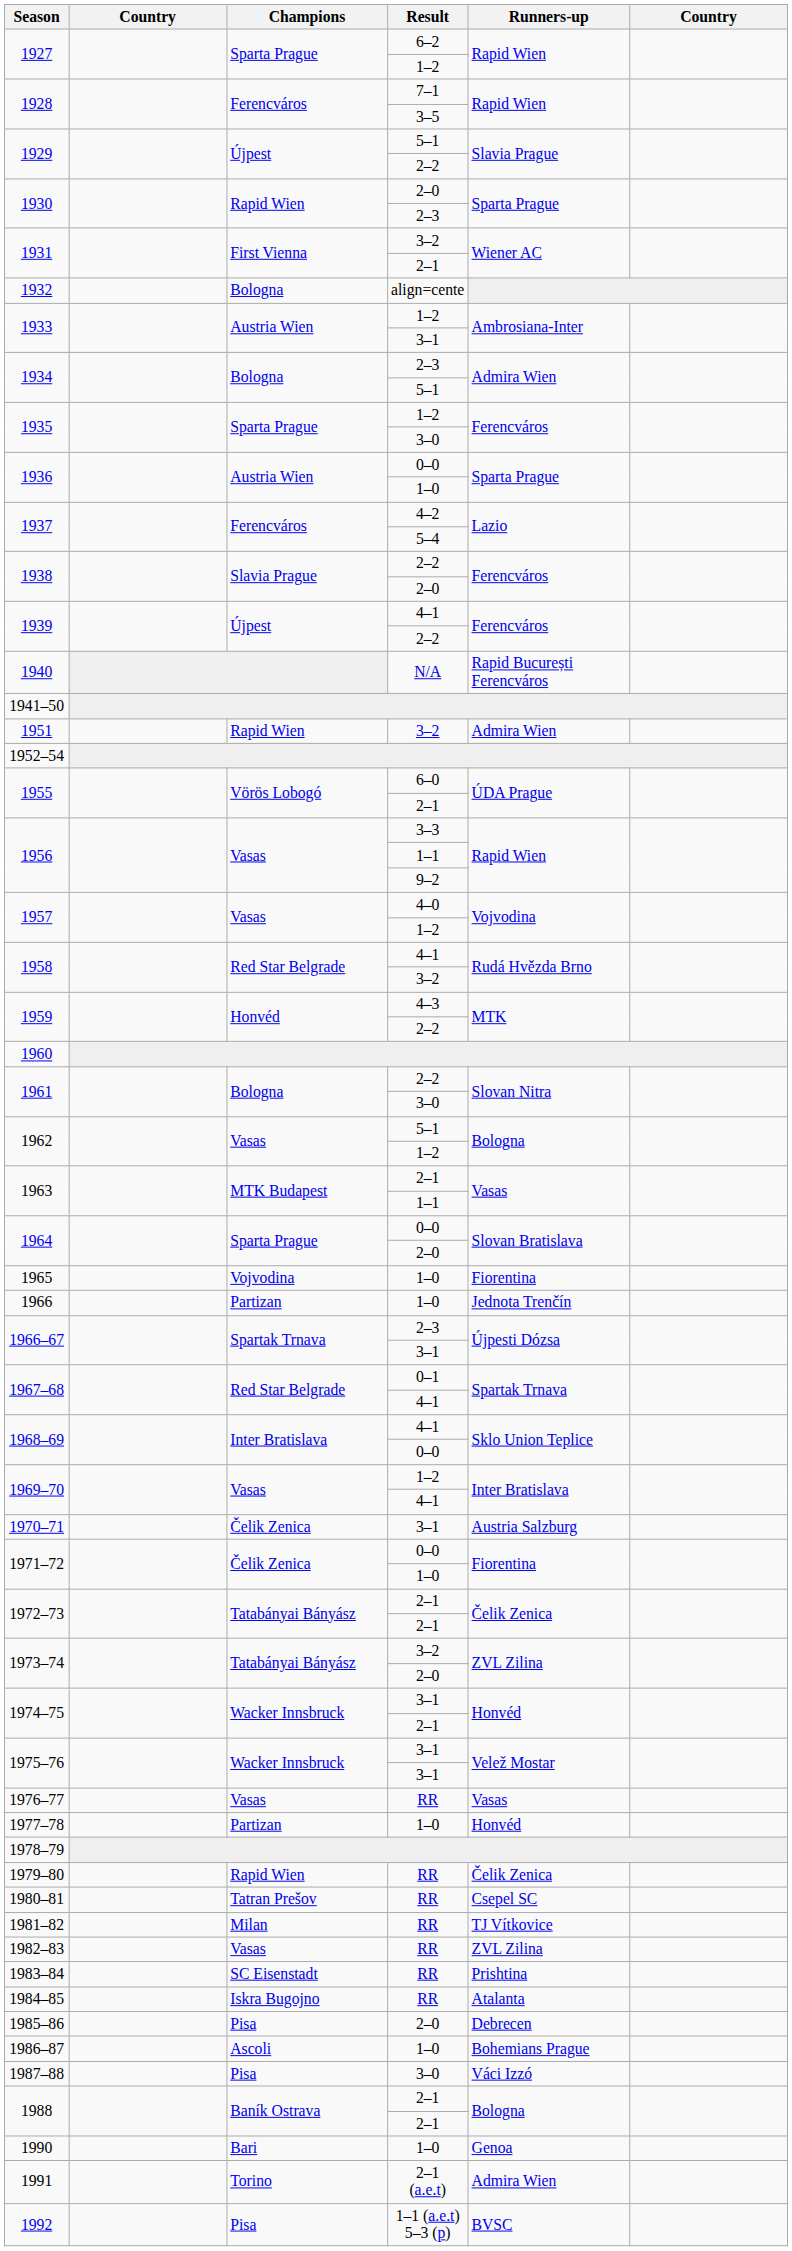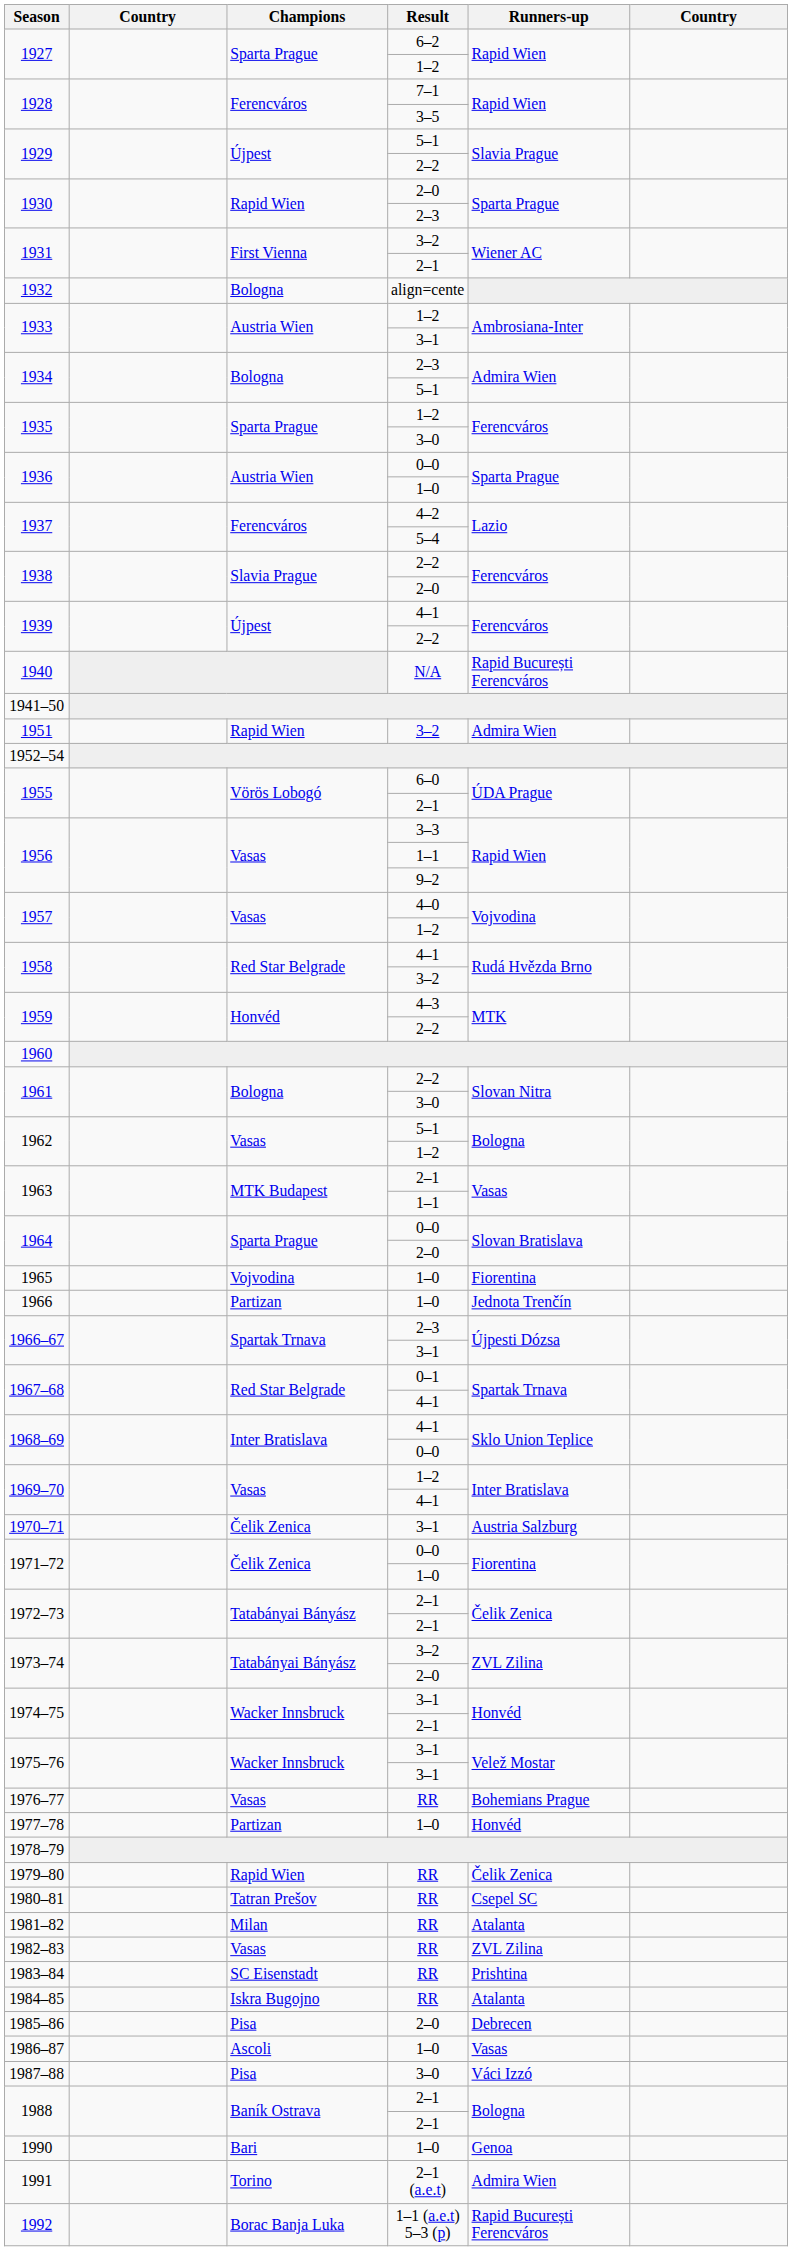 <table class="wikitable sortable" style="text-align:left" width="800px">
 <tr>
 <th width=60px>Season</th>
 <th width=170px>Country</th>
 <th width=170px>Champions</th>
 <th width=60px>Result</th>
 <th width=170px>Runners-up</th>
 <th width=170px>Country</th>
 </tr>
 <tr>
 <td rowspan=2 style="text-align:center"><a href='#'>1927</a></td>
 <td rowspan=2></td>
 <td rowspan=2><a href='#'>Sparta Prague</a></td>
 <td align=center>6–2</td>
 <td rowspan=2><a href='#'>Rapid Wien</a></td>
 <td rowspan=2></td>
 </tr>
 <tr>
 <td align=center>1–2</td>
 </tr>
 <tr>
 <td rowspan=2 style="text-align:center"><a href='#'>1928</a></td>
 <td rowspan=2></td>
 <td rowspan=2><a href='#'>Ferencváros</a></td>
 <td align=center>7–1</td>
 <td rowspan=2><a href='#'>Rapid Wien</a></td>
 <td rowspan=2></td>
 </tr>
 <tr>
 <td align=center>3–5</td>
 </tr>
 <tr>
 <td rowspan=2 style="text-align:center"><a href='#'>1929</a></td>
 <td rowspan=2></td>
 <td rowspan=2><a href='#'>Újpest</a></td>
 <td align=center>5–1</td>
 <td rowspan=2><a href='#'>Slavia Prague</a></td>
 <td rowspan=2></td>
 </tr>
 <tr>
 <td align=center>2–2</td>
 </tr>
 <tr>
 <td rowspan=2 style="text-align:center"><a href='#'>1930</a></td>
 <td rowspan=2></td>
 <td rowspan=2><a href='#'>Rapid Wien</a></td>
 <td align=center>2–0</td>
 <td rowspan=2><a href='#'>Sparta Prague</a></td>
 <td rowspan=2></td>
 </tr>
 <tr>
 <td align=center>2–3</td>
 </tr>
 <tr>
 <td rowspan=2 style="text-align:center"><a href='#'>1931</a></td>
 <td rowspan=2></td>
 <td rowspan=2><a href='#'>First Vienna</a></td>
 <td align=center>3–2</td>
 <td rowspan=2><a href='#'>Wiener AC</a></td>
 <td rowspan=2></td>
 </tr>
 <tr>
 <td align=center>2–1</td>
 </tr>
 <tr>
 <td style="text-align:center"><a href='#'>1932</a></td>
 <td></td>
 <td><a href='#'>Bologna</a></td>
 <td>align=cente </td>
 <td colspan=2 style=background:#efefef></td>
 </tr>
 <tr>
 <td rowspan=2 style="text-align:center"><a href='#'>1933</a></td>
 <td rowspan=2></td>
 <td rowspan=2><a href='#'>Austria Wien</a></td>
 <td align=center>1–2</td>
 <td rowspan=2><a href='#'>Ambrosiana-Inter</a></td>
 <td rowspan=2></td>
 </tr>
 <tr>
 <td align=center>3–1</td>
 </tr>
 <tr>
 <td rowspan=2 style="text-align:center"><a href='#'>1934</a></td>
 <td rowspan=2></td>
 <td rowspan=2><a href='#'>Bologna</a></td>
 <td align=center>2–3</td>
 <td rowspan=2><a href='#'>Admira Wien</a></td>
 <td rowspan=2></td>
 </tr>
 <tr>
 <td align=center>5–1</td>
 </tr>
 <tr>
 <td rowspan=2 style="text-align:center"><a href='#'>1935</a></td>
 <td rowspan=2></td>
 <td rowspan=2><a href='#'>Sparta Prague</a></td>
 <td align=center>1–2</td>
 <td rowspan=2><a href='#'>Ferencváros</a></td>
 <td rowspan=2></td>
 </tr>
 <tr>
 <td align=center>3–0</td>
 </tr>
 <tr>
 <td rowspan=2 style="text-align:center"><a href='#'>1936</a></td>
 <td rowspan=2></td>
 <td rowspan=2><a href='#'>Austria Wien</a></td>
 <td align=center>0–0</td>
 <td rowspan=2><a href='#'>Sparta Prague</a></td>
 <td rowspan=2></td>
 </tr>
 <tr>
 <td align=center>1–0</td>
 </tr>
 <tr>
 <td rowspan=2 style="text-align:center"><a href='#'>1937</a></td>
 <td rowspan=2></td>
 <td rowspan=2><a href='#'>Ferencváros</a></td>
 <td align=center>4–2</td>
 <td rowspan=2><a href='#'>Lazio</a></td>
 <td rowspan=2></td>
 </tr>
 <tr>
 <td align=center>5–4</td>
 </tr>
 <tr>
 <td rowspan=2 style="text-align:center"><a href='#'>1938</a></td>
 <td rowspan=2></td>
 <td rowspan=2><a href='#'>Slavia Prague</a></td>
 <td align=center>2–2</td>
 <td rowspan=2><a href='#'>Ferencváros</a></td>
 <td rowspan=2></td>
 </tr>
 <tr>
 <td align=center>2–0</td>
 </tr>
 <tr>
 <td rowspan=2 style="text-align:center"><a href='#'>1939</a></td>
 <td rowspan=2></td>
 <td rowspan=2><a href='#'>Újpest</a></td>
 <td align=center>4–1</td>
 <td rowspan=2><a href='#'>Ferencváros</a></td>
 <td rowspan=2></td>
 </tr>
 <tr>
 <td align=center>2–2</td>
 </tr>
 <tr>
 <td style="text-align:center"><a href='#'>1940</a></td>
 <td colspan=2 style=background:#efefef></td>
 <td align=center><a href='#'>N/A</a></td>
 <td><a href='#'>Rapid București</a><br><a href='#'>Ferencváros</a></td>
 <td><br></td>
 </tr>
 <tr>
 <td style="text-align:center">1941–50</td>
 <td colspan=5 style=background:#efefef></td>
 </tr>
 <tr>
 <td style="text-align:center"><a href='#'>1951</a></td>
 <td></td>
 <td><a href='#'>Rapid Wien</a></td>
 <td align=center><a href='#'>3–2</a></td>
 <td><a href='#'>Admira Wien</a></td>
 <td></td>
 </tr>
 <tr>
 <td style="text-align:center">1952–54</td>
 <td colspan=5 style=background:#efefef></td>
 </tr>
 <tr>
 <td rowspan=2 style="text-align:center"><a href='#'>1955</a></td>
 <td rowspan=2></td>
 <td rowspan=2><a href='#'>Vörös Lobogó</a></td>
 <td align=center>6–0</td>
 <td rowspan=2><a href='#'>ÚDA Prague</a></td>
 <td rowspan=2></td>
 </tr>
 <tr>
 <td align=center>2–1</td>
 </tr>
 <tr>
 <td rowspan=3 style="text-align:center"><a href='#'>1956</a></td>
 <td rowspan=3></td>
 <td rowspan=3><a href='#'>Vasas</a></td>
 <td align=center>3–3</td>
 <td rowspan=3><a href='#'>Rapid Wien</a></td>
 <td rowspan=3></td>
 </tr>
 <tr>
 <td align=center>1–1</td>
 </tr>
 <tr>
 <td align=center>9–2</td>
 </tr>
 <tr>
 <td rowspan=2 style="text-align:center"><a href='#'>1957</a></td>
 <td rowspan=2></td>
 <td rowspan=2><a href='#'>Vasas</a></td>
 <td align=center>4–0</td>
 <td rowspan=2><a href='#'>Vojvodina</a></td>
 <td rowspan=2></td>
 </tr>
 <tr>
 <td align=center>1–2</td>
 </tr>
 <tr>
 <td rowspan=2 style="text-align:center"><a href='#'>1958</a></td>
 <td rowspan=2></td>
 <td rowspan=2><a href='#'>Red Star Belgrade</a></td>
 <td align=center>4–1</td>
 <td rowspan=2><a href='#'>Rudá Hvězda Brno</a></td>
 <td rowspan=2></td>
 </tr>
 <tr>
 <td align=center>3–2</td>
 </tr>
 <tr>
 <td rowspan=2 style="text-align:center"><a href='#'>1959</a></td>
 <td rowspan=2></td>
 <td rowspan=2><a href='#'>Honvéd</a></td>
 <td align=center>4–3</td>
 <td rowspan=2><a href='#'>MTK</a></td>
 <td rowspan=2></td>
 </tr>
 <tr>
 <td align=center>2–2</td>
 </tr>
 <tr>
 <td style="text-align:center"><a href='#'>1960</a></td>
 <td colspan=5 style=background:#efefef></td>
 </tr>
 <tr>
 <td rowspan=2 style="text-align:center"><a href='#'>1961</a></td>
 <td rowspan=2></td>
 <td rowspan=2><a href='#'>Bologna</a></td>
 <td align=center>2–2</td>
 <td rowspan=2><a href='#'>Slovan Nitra</a></td>
 <td rowspan=2></td>
 </tr>
 <tr>
 <td align=center>3–0</td>
 </tr>
 <tr>
 <td rowspan=2 style="text-align:center">1962</td>
 <td rowspan=2></td>
 <td rowspan=2><a href='#'>Vasas</a></td>
 <td align=center>5–1</td>
 <td rowspan=2><a href='#'>Bologna</a></td>
 <td rowspan=2></td>
 </tr>
 <tr>
 <td align=center>1–2</td>
 </tr>
 <tr>
 <td rowspan=2 style="text-align:center">1963</td>
 <td rowspan=2></td>
 <td rowspan=2><a href='#'>MTK Budapest</a></td>
 <td align=center>2–1</td>
 <td rowspan=2><a href='#'>Vasas</a></td>
 <td rowspan=2></td>
 </tr>
 <tr>
 <td align=center>1–1</td>
 </tr>
 <tr>
 <td rowspan=2 style="text-align:center"><a href='#'>1964</a></td>
 <td rowspan=2></td>
 <td rowspan=2><a href='#'>Sparta Prague</a></td>
 <td align=center>0–0</td>
 <td rowspan=2><a href='#'>Slovan Bratislava</a></td>
 <td rowspan=2></td>
 </tr>
 <tr>
 <td align=center>2–0</td>
 </tr>
 <tr>
 <td style="text-align:center">1965</td>
 <td></td>
 <td><a href='#'>Vojvodina</a></td>
 <td align=center>1–0</td>
 <td><a href='#'>Fiorentina</a></td>
 <td></td>
 </tr>
 <tr>
 <td style="text-align:center">1966</td>
 <td></td>
 <td><a href='#'>Partizan</a></td>
 <td align=center>1–0</td>
 <td><a href='#'>Jednota Trenčín</a></td>
 <td></td>
 </tr>
 <tr>
 <td rowspan=2 style="text-align:center"><a href='#'>1966–67</a></td>
 <td rowspan=2></td>
 <td rowspan=2><a href='#'>Spartak Trnava</a></td>
 <td align=center>2–3</td>
 <td rowspan=2><a href='#'>Újpesti Dózsa</a></td>
 <td rowspan=2></td>
 </tr>
 <tr>
 <td align=center>3–1</td>
 </tr>
 <tr>
 <td rowspan=2 style="text-align:center"><a href='#'>1967–68</a></td>
 <td rowspan=2></td>
 <td rowspan=2><a href='#'>Red Star Belgrade</a></td>
 <td align=center>0–1</td>
 <td rowspan=2><a href='#'>Spartak Trnava</a></td>
 <td rowspan=2></td>
 </tr>
 <tr>
 <td align=center>4–1</td>
 </tr>
 <tr>
 <td rowspan=2 style="text-align:center"><a href='#'>1968–69</a></td>
 <td rowspan=2></td>
 <td rowspan=2><a href='#'>Inter Bratislava</a></td>
 <td align=center>4–1</td>
 <td rowspan=2><a href='#'>Sklo Union Teplice</a></td>
 <td rowspan=2></td>
 </tr>
 <tr>
 <td align=center>0–0</td>
 </tr>
 <tr>
 <td rowspan=2 style="text-align:center"><a href='#'>1969–70</a></td>
 <td rowspan=2></td>
 <td rowspan=2><a href='#'>Vasas</a></td>
 <td align=center>1–2</td>
 <td rowspan=2><a href='#'>Inter Bratislava</a></td>
 <td rowspan=2></td>
 </tr>
 <tr>
 <td align=center>4–1</td>
 </tr>
 <tr>
 <td style="text-align:center"><a href='#'>1970–71</a></td>
 <td></td>
 <td><a href='#'>Čelik Zenica</a></td>
 <td align=center>3–1</td>
 <td><a href='#'>Austria Salzburg</a></td>
 <td></td>
 </tr>
 <tr>
 <td rowspan=2 style="text-align:center">1971–72</td>
 <td rowspan=2></td>
 <td rowspan=2><a href='#'>Čelik Zenica</a></td>
 <td align=center>0–0</td>
 <td rowspan=2><a href='#'>Fiorentina</a></td>
 <td rowspan=2></td>
 </tr>
 <tr>
 <td align=center>1–0</td>
 </tr>
 <tr>
 <td rowspan=2 style="text-align:center">1972–73</td>
 <td rowspan=2></td>
 <td rowspan=2><a href='#'>Tatabányai Bányász</a></td>
 <td align=center>2–1</td>
 <td rowspan=2><a href='#'>Čelik Zenica</a></td>
 <td rowspan=2></td>
 </tr>
 <tr>
 <td align=center>2–1</td>
 </tr>
 <tr>
 <td rowspan=2 style="text-align:center">1973–74</td>
 <td rowspan=2></td>
 <td rowspan=2><a href='#'>Tatabányai Bányász</a></td>
 <td align=center>3–2</td>
 <td rowspan=2><a href='#'>ZVL Zilina</a></td>
 <td rowspan=2></td>
 </tr>
 <tr>
 <td align=center>2–0</td>
 </tr>
 <tr>
 <td rowspan=2 style="text-align:center">1974–75</td>
 <td rowspan=2></td>
 <td rowspan=2><a href='#'>Wacker Innsbruck</a></td>
 <td align=center>3–1</td>
 <td rowspan=2><a href='#'>Honvéd</a></td>
 <td rowspan=2></td>
 </tr>
 <tr>
 <td align=center>2–1</td>
 </tr>
 <tr>
 <td rowspan=2 style="text-align:center">1975–76</td>
 <td rowspan=2></td>
 <td rowspan=2><a href='#'>Wacker Innsbruck</a></td>
 <td align=center>3–1</td>
 <td rowspan=2><a href='#'>Velež Mostar</a></td>
 <td rowspan=2></td>
 </tr>
 <tr>
 <td align=center>3–1</td>
 </tr>
 <tr>
 <td style="text-align:center">1976–77</td>
 <td></td>
 <td><a href='#'>Vasas</a></td>
 <td align=center><a href='#'>RR</a></td>
-<td><a href='#'>Vasas</a></td>
+<td><a href='#'>Bohemians Prague</a></td>
 <td></td>
 </tr>
 <tr>
 <td style="text-align:center">1977–78</td>
 <td></td>
 <td><a href='#'>Partizan</a></td>
 <td align=center>1–0</td>
 <td><a href='#'>Honvéd</a></td>
 <td></td>
 </tr>
 <tr>
 <td style="text-align:center">1978–79</td>
 <td colspan=5 style=background:#efefef></td>
 </tr>
 <tr>
 <td style="text-align:center">1979–80</td>
 <td></td>
 <td><a href='#'>Rapid Wien</a></td>
 <td align=center><a href='#'>RR</a></td>
 <td><a href='#'>Čelik Zenica</a></td>
 <td></td>
 </tr>
 <tr>
 <td style="text-align:center">1980–81</td>
 <td></td>
 <td><a href='#'>Tatran Prešov</a></td>
 <td align=center><a href='#'>RR</a></td>
 <td><a href='#'>Csepel SC</a></td>
 <td></td>
 </tr>
 <tr>
 <td style="text-align:center">1981–82</td>
 <td></td>
 <td><a href='#'>Milan</a></td>
 <td align=center><a href='#'>RR</a></td>
-<td><a href='#'>TJ Vítkovice</a></td>
+<td><a href='#'>Atalanta</a></td>
 <td></td>
 </tr>
 <tr>
 <td style="text-align:center">1982–83</td>
 <td></td>
 <td><a href='#'>Vasas</a></td>
 <td align=center><a href='#'>RR</a></td>
 <td><a href='#'>ZVL Zilina</a></td>
 <td></td>
 </tr>
 <tr>
 <td style="text-align:center">1983–84</td>
 <td></td>
 <td><a href='#'>SC Eisenstadt</a></td>
 <td align=center><a href='#'>RR</a></td>
 <td><a href='#'>Prishtina</a></td>
 <td></td>
 </tr>
 <tr>
 <td style="text-align:center">1984–85</td>
 <td></td>
 <td><a href='#'>Iskra Bugojno</a></td>
 <td align=center><a href='#'>RR</a></td>
 <td><a href='#'>Atalanta</a></td>
 <td></td>
 </tr>
 <tr>
 <td style="text-align:center">1985–86</td>
 <td></td>
 <td><a href='#'>Pisa</a></td>
 <td align=center>2–0</td>
 <td><a href='#'>Debrecen</a></td>
 <td></td>
 </tr>
 <tr>
 <td style="text-align:center">1986–87</td>
 <td></td>
 <td><a href='#'>Ascoli</a></td>
 <td align=center>1–0</td>
-<td><a href='#'>Bohemians Prague</a></td>
+<td><a href='#'>Vasas</a></td>
 <td></td>
 </tr>
 <tr>
 <td style="text-align:center">1987–88</td>
 <td></td>
 <td><a href='#'>Pisa</a></td>
 <td align=center>3–0</td>
 <td><a href='#'>Váci Izzó</a></td>
 <td></td>
 </tr>
 <tr>
 <td rowspan=2 style="text-align:center">1988</td>
 <td rowspan=2></td>
 <td rowspan=2><a href='#'>Baník Ostrava</a></td>
 <td align=center>2–1</td>
 <td rowspan=2><a href='#'>Bologna</a></td>
 <td rowspan=2></td>
 </tr>
 <tr>
 <td align=center>2–1</td>
 </tr>
 <tr>
 <td style="text-align:center">1990</td>
 <td></td>
 <td><a href='#'>Bari</a></td>
 <td align=center>1–0</td>
 <td><a href='#'>Genoa</a></td>
 <td></td>
 </tr>
 <tr>
 <td style="text-align:center">1991</td>
 <td></td>
 <td><a href='#'>Torino</a></td>
 <td align=center>2–1 <br>(<a href='#'>a.e.t</a>)</td>
 <td><a href='#'>Admira Wien</a></td>
 <td></td>
 </tr>
 <tr>
 <td style="text-align:center"><a href='#'>1992</a></td>
 <td></td>
-<td><a href='#'>Pisa</a></td>
+<td><a href='#'>Borac Banja Luka</a></td>
 <td align=center>1–1 (<a href='#'>a.e.t</a>) <br> 5–3 (<a href='#'>p</a>)</td>
-<td><a href='#'>BVSC</a></td>
+<td><a href='#'>Rapid București</a><br><a href='#'>Ferencváros</a></td>
 <td></td>
 </tr>
 </table>
